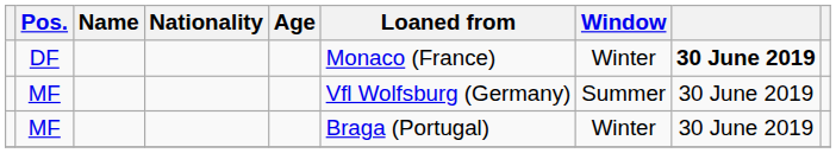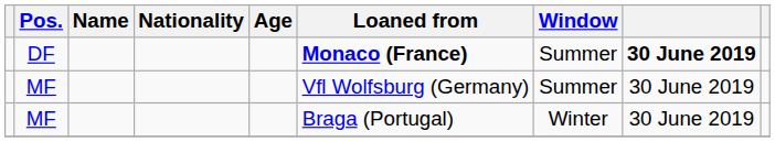 <table class="wikitable sortable" style="text-align:center;">
 <tr>
 <th scope=col></th>
 <th scope=col><a href='#'>Pos.</a></th>
 <th scope=col>Name</th>
 <th scope=col>Nationality</th>
 <th scope=col>Age</th>
 <th scope=col>Loaned from</th>
 <th scope=col><a href='#'>Window</a></th>
 <th scope=col></th>
 <th scope=col class=unsortable></th>
 </tr>
 <tr>
 <td></td>
 <td><a href='#'>DF</a></td>
 <td align=left></td>
 <td align=left></td>
 <td></td>
-<td align=left><a href='#'>Monaco</a> (France)</td>
-<td>Winter</td>
+<td align=left><strong><a href='#'>Monaco</a> (France)</strong></td>
+<td>Summer</td>
 <td><strong>30 June 2019</strong></td>
 <td></td>
 </tr>
 <tr>
 <td></td>
 <td><a href='#'>MF</a></td>
 <td align=left></td>
 <td align=left></td>
 <td></td>
 <td align=left><a href='#'>Vfl Wolfsburg</a> (Germany)</td>
 <td>Summer</td>
 <td>30 June 2019</td>
 <td></td>
 </tr>
 <tr>
 <td></td>
 <td><a href='#'>MF</a></td>
 <td align=left></td>
 <td align=left></td>
 <td></td>
 <td align=left><a href='#'>Braga</a> (Portugal)</td>
 <td>Winter</td>
 <td>30 June 2019</td>
 <td></td>
 </tr>
 <tr>
 </tr>
 </table>
